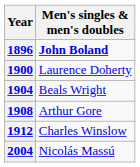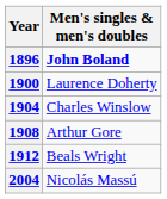 <table class="wikitable" style="display:inline-table">
 <tr>
 <th scope="col">Year</th>
 <th scope="col">Men's singles &<br>men's doubles</th>
 </tr>
 <tr>
 <th scope="row"><a href='#'>1896</a></th>
 <td><strong> <a href='#'>John Boland</a></strong></td>
 </tr>
 <tr>
 <th scope="row"><a href='#'>1900</a></th>
 <td> <a href='#'>Laurence Doherty</a></td>
 </tr>
 <tr>
 <th scope="row"><a href='#'>1904</a></th>
-<td> <a href='#'>Beals Wright</a></td>
+<td> <a href='#'>Charles Winslow</a></td>
 </tr>
 <tr>
 <th scope="row"><a href='#'>1908</a></th>
 <td> <a href='#'>Arthur Gore</a></td>
 </tr>
 <tr>
 <th scope="row"><a href='#'>1912</a></th>
-<td> <a href='#'>Charles Winslow</a></td>
+<td> <a href='#'>Beals Wright</a></td>
 </tr>
 <tr>
 <th scope="row"><a href='#'>2004</a></th>
 <td> <a href='#'>Nicolás Massú</a></td>
 </tr>
 </table>
